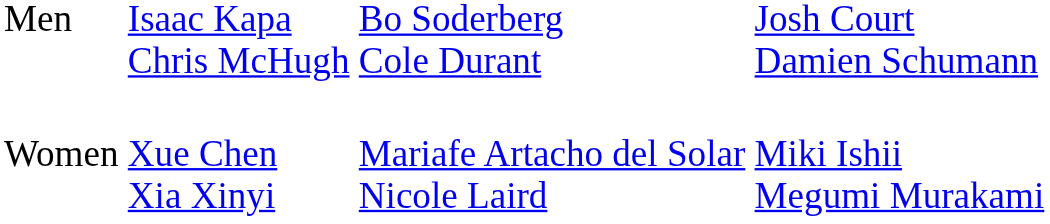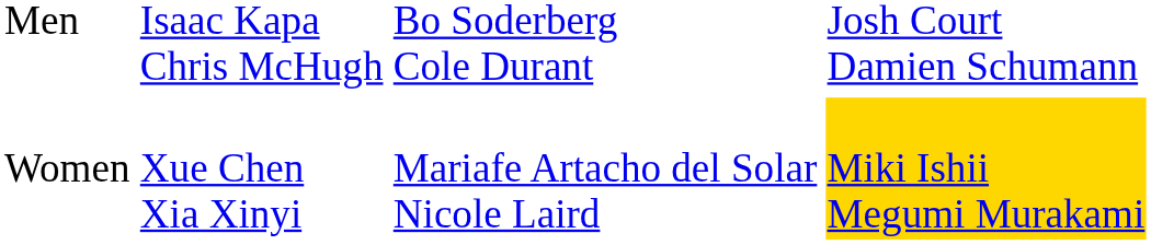 <table>
 <tr>
 <td>Men</td>
 <td><br><a href='#'>Isaac Kapa</a><br><a href='#'>Chris McHugh</a></td>
 <td><br><a href='#'>Bo Soderberg</a><br><a href='#'>Cole Durant</a></td>
 <td><br><a href='#'>Josh Court</a><br><a href='#'>Damien Schumann</a></td>
 </tr>
 <tr>
 <td>Women</td>
 <td><br><a href='#'>Xue Chen</a><br><a href='#'>Xia Xinyi</a></td>
 <td><br><a href='#'>Mariafe Artacho del Solar</a><br><a href='#'>Nicole Laird</a></td>
-<td><br><a href='#'>Miki Ishii</a><br><a href='#'>Megumi Murakami</a></td>
+<td style="background: gold;"><br><a href='#'>Miki Ishii</a><br><a href='#'>Megumi Murakami</a></td>
 </tr>
 </table>
